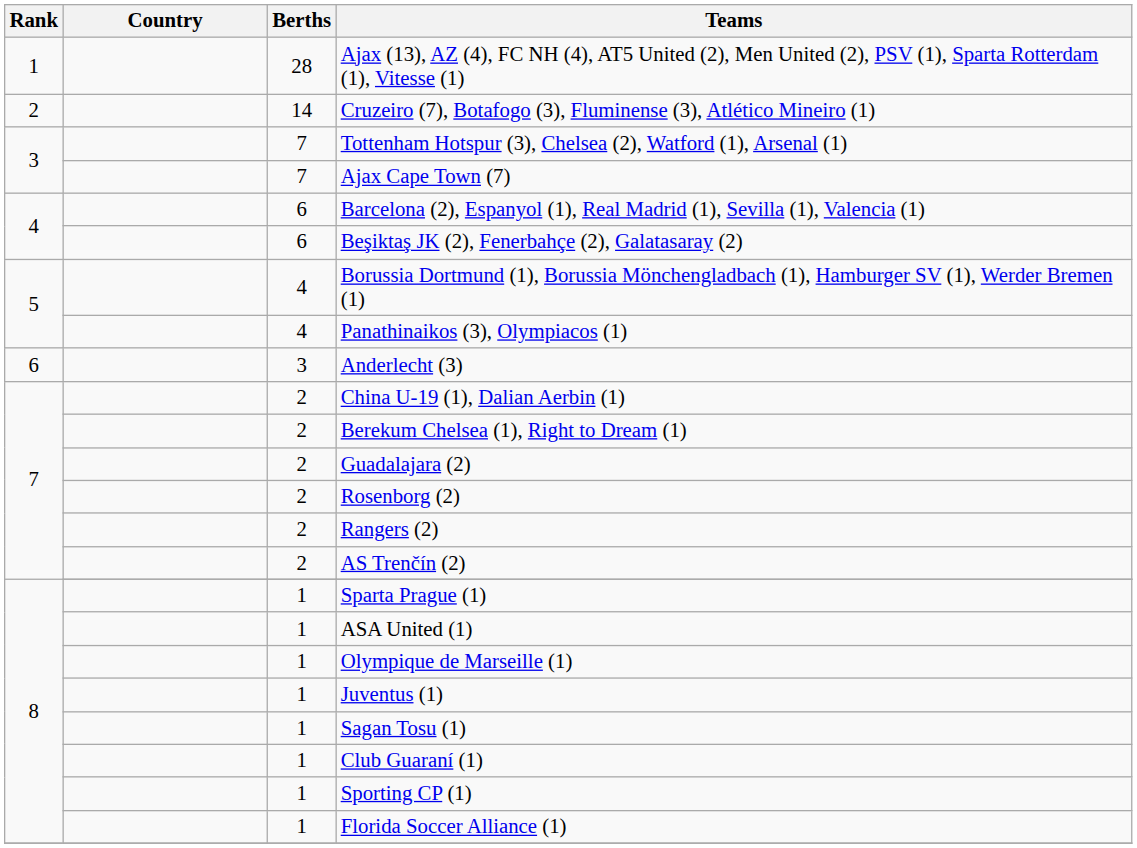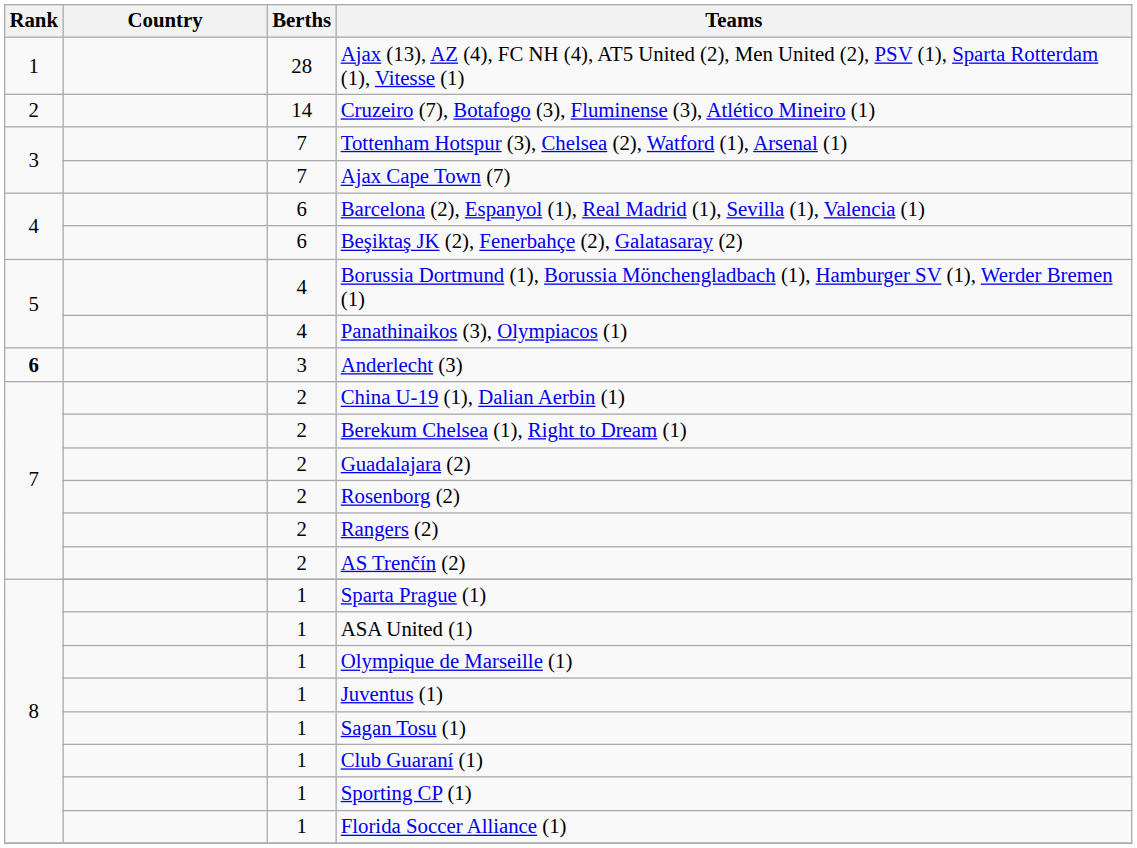 <table class="wikitable">
 <tr>
 <th>Rank</th>
 <th width=150>Country</th>
 <th>Berths</th>
 <th>Teams</th>
 </tr>
 <tr>
 <td align=center>1</td>
 <td></td>
 <td align=center>28</td>
 <td><a href='#'>Ajax</a> (13), <a href='#'>AZ</a> (4), FC NH (4), AT5 United (2), Men United (2), <a href='#'>PSV</a> (1), <a href='#'>Sparta Rotterdam</a> (1), <a href='#'>Vitesse</a> (1)</td>
 </tr>
 <tr>
 <td align=center>2</td>
 <td></td>
 <td align=center>14</td>
 <td><a href='#'>Cruzeiro</a> (7), <a href='#'>Botafogo</a> (3), <a href='#'>Fluminense</a> (3), <a href='#'>Atlético Mineiro</a> (1)</td>
 </tr>
 <tr>
 <td rowspan=2 align=center>3</td>
 <td></td>
 <td align=center>7</td>
 <td><a href='#'>Tottenham Hotspur</a> (3), <a href='#'>Chelsea</a> (2), <a href='#'>Watford</a> (1), <a href='#'>Arsenal</a> (1)</td>
 </tr>
 <tr>
 <td></td>
 <td align=center>7</td>
 <td><a href='#'>Ajax Cape Town</a> (7)</td>
 </tr>
 <tr>
 <td rowspan=2 align=center>4</td>
 <td></td>
 <td align=center>6</td>
 <td><a href='#'>Barcelona</a> (2), <a href='#'>Espanyol</a> (1), <a href='#'>Real Madrid</a> (1), <a href='#'>Sevilla</a> (1), <a href='#'>Valencia</a> (1)</td>
 </tr>
 <tr>
 <td></td>
 <td align=center>6</td>
 <td><a href='#'>Beşiktaş JK</a> (2), <a href='#'>Fenerbahçe</a> (2), <a href='#'>Galatasaray</a> (2)</td>
 </tr>
 <tr>
 <td rowspan=2 align=center>5</td>
 <td></td>
 <td align=center>4</td>
 <td><a href='#'>Borussia Dortmund</a> (1), <a href='#'>Borussia Mönchengladbach</a> (1), <a href='#'>Hamburger SV</a> (1), <a href='#'>Werder Bremen</a> (1)</td>
 </tr>
 <tr>
 <td></td>
 <td align=center>4</td>
 <td><a href='#'>Panathinaikos</a> (3), <a href='#'>Olympiacos</a> (1)</td>
 </tr>
 <tr>
-<td align=center>6</td>
+<td align=center><strong>6</strong></td>
 <td></td>
 <td align=center>3</td>
 <td><a href='#'>Anderlecht</a> (3)</td>
 </tr>
 <tr>
 <td rowspan=6 align=center>7</td>
 <td></td>
 <td align=center>2</td>
 <td><a href='#'>China U-19</a> (1), <a href='#'>Dalian Aerbin</a> (1)</td>
 </tr>
 <tr>
 <td></td>
 <td align=center>2</td>
 <td><a href='#'>Berekum Chelsea</a> (1), <a href='#'>Right to Dream</a> (1)</td>
 </tr>
 <tr>
 <td></td>
 <td align=center>2</td>
 <td><a href='#'>Guadalajara</a> (2)</td>
 </tr>
 <tr>
 <td></td>
 <td align=center>2</td>
 <td><a href='#'>Rosenborg</a> (2)</td>
 </tr>
 <tr>
 <td></td>
 <td align=center>2</td>
 <td><a href='#'>Rangers</a> (2)</td>
 </tr>
 <tr>
 <td></td>
 <td align=center>2</td>
 <td><a href='#'>AS Trenčín</a> (2)</td>
 </tr>
 <tr>
 <td rowspan=9 align=center>8</td>
 </tr>
 <tr>
 <td></td>
 <td align=center>1</td>
 <td><a href='#'>Sparta Prague</a> (1)</td>
 </tr>
 <tr>
 <td></td>
 <td align=center>1</td>
 <td>ASA United (1)</td>
 </tr>
 <tr>
 <td></td>
 <td align=center>1</td>
 <td><a href='#'>Olympique de Marseille</a> (1)</td>
 </tr>
 <tr>
 <td></td>
 <td align=center>1</td>
 <td><a href='#'>Juventus</a> (1)</td>
 </tr>
 <tr>
 <td></td>
 <td align=center>1</td>
 <td><a href='#'>Sagan Tosu</a> (1)</td>
 </tr>
 <tr>
 <td></td>
 <td align=center>1</td>
 <td><a href='#'>Club Guaraní</a> (1)</td>
 </tr>
 <tr>
 <td></td>
 <td align=center>1</td>
 <td><a href='#'>Sporting CP</a> (1)</td>
 </tr>
 <tr>
 <td></td>
 <td align=center>1</td>
 <td><a href='#'>Florida Soccer Alliance</a> (1)</td>
 </tr>
 <tr>
 </tr>
 </table>
